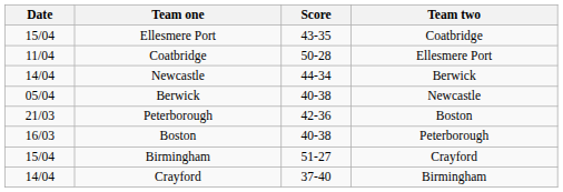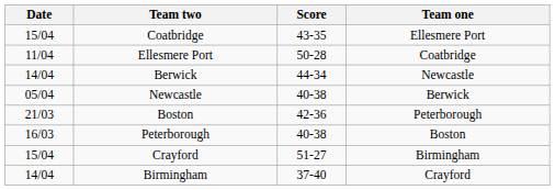 <table class="wikitable" style="text-align: center">
 <tr>
 <th width=80>Date</th>
+<th width=250>Team two</th>
+<th width=80>Score</th>
 <th width=250>Team one</th>
-<th width=80>Score</th>
-<th width=250>Team two</th>
 </tr>
 <tr>
 <td>15/04</td>
+<td>Coatbridge</td>
+<td>43-35</td>
 <td>Ellesmere Port</td>
-<td>43-35</td>
+</tr>
+<tr>
+<td>11/04</td>
+<td>Ellesmere Port</td>
+<td>50-28</td>
 <td>Coatbridge</td>
 </tr>
 <tr>
-<td>11/04</td>
-<td>Coatbridge</td>
-<td>50-28</td>
-<td>Ellesmere Port</td>
+<td>14/04</td>
+<td>Berwick</td>
+<td>44-34</td>
+<td>Newcastle</td>
+</tr>
+<tr>
+<td>05/04</td>
+<td>Newcastle</td>
+<td>40-38</td>
+<td>Berwick</td>
+</tr>
+<tr>
+<td>21/03</td>
+<td>Boston</td>
+<td>42-36</td>
+<td>Peterborough</td>
+</tr>
+<tr>
+<td>16/03</td>
+<td>Peterborough</td>
+<td>40-38</td>
+<td>Boston</td>
+</tr>
+<tr>
+<td>15/04</td>
+<td>Crayford</td>
+<td>51-27</td>
+<td>Birmingham</td>
 </tr>
 <tr>
 <td>14/04</td>
-<td>Newcastle</td>
-<td>44-34</td>
-<td>Berwick</td>
-</tr>
-<tr>
-<td>05/04</td>
-<td>Berwick</td>
-<td>40-38</td>
-<td>Newcastle</td>
-</tr>
-<tr>
-<td>21/03</td>
-<td>Peterborough</td>
-<td>42-36</td>
-<td>Boston</td>
-</tr>
-<tr>
-<td>16/03</td>
-<td>Boston</td>
-<td>40-38</td>
-<td>Peterborough</td>
-</tr>
-<tr>
-<td>15/04</td>
 <td>Birmingham</td>
-<td>51-27</td>
+<td>37-40</td>
 <td>Crayford</td>
 </tr>
-<tr>
-<td>14/04</td>
-<td>Crayford</td>
-<td>37-40</td>
-<td>Birmingham</td>
-</tr>
 </table>
